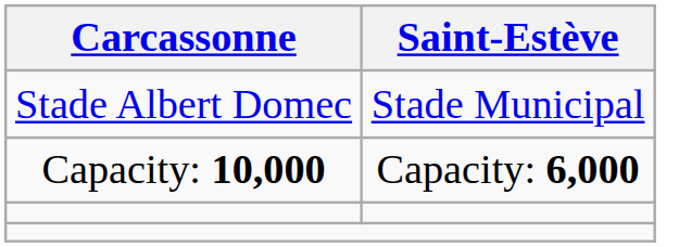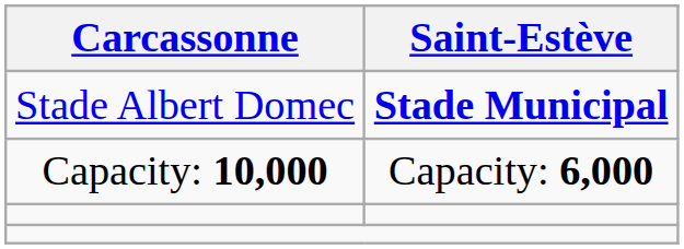 <table class="wikitable" style="text-align:center">
 <tr>
 <th><a href='#'>Carcassonne</a></th>
 <th><a href='#'>Saint-Estève</a></th>
 </tr>
 <tr>
 <td><a href='#'>Stade Albert Domec</a></td>
-<td><a href='#'>Stade Municipal</a></td>
+<td><strong><a href='#'>Stade Municipal</a></strong></td>
 </tr>
 <tr>
 <td>Capacity: <strong>10,000</strong></td>
 <td>Capacity: <strong>6,000</strong></td>
 </tr>
 <tr>
 <td></td>
 <td></td>
 </tr>
 <tr>
 <td colspan=2></td>
 </tr>
 </table>
